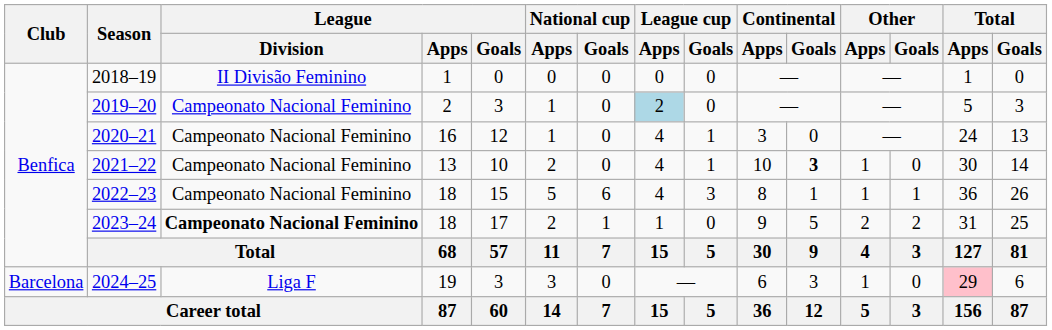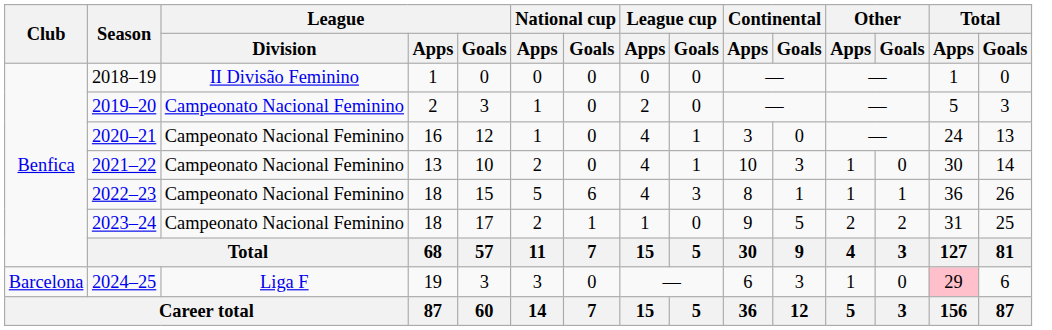 <table class="wikitable" style="text-align:center">
 <tr>
 <th rowspan="2">Club</th>
 <th rowspan="2">Season</th>
 <th colspan="3">League</th>
 <th colspan="2">National cup</th>
 <th colspan="2">League cup</th>
 <th colspan="2">Continental</th>
 <th colspan="2">Other</th>
 <th colspan="2">Total</th>
 </tr>
 <tr>
 <th>Division</th>
 <th>Apps</th>
 <th>Goals</th>
 <th>Apps</th>
 <th>Goals</th>
 <th>Apps</th>
 <th>Goals</th>
 <th>Apps</th>
 <th>Goals</th>
 <th>Apps</th>
 <th>Goals</th>
 <th>Apps</th>
 <th>Goals</th>
 </tr>
 <tr>
 <td rowspan="7"><a href='#'>Benfica</a></td>
 <td>2018–19</td>
 <td><a href='#'>II Divisão Feminino</a></td>
 <td>1</td>
 <td>0</td>
 <td>0</td>
 <td>0</td>
 <td>0</td>
 <td>0</td>
 <td colspan="2">—</td>
 <td colspan="2">—</td>
 <td>1</td>
 <td>0</td>
 </tr>
 <tr>
 <td><a href='#'>2019–20</a></td>
 <td><a href='#'>Campeonato Nacional Feminino</a></td>
 <td>2</td>
 <td>3</td>
 <td>1</td>
 <td>0</td>
-<td style="background: lightblue;">2</td>
+<td>2</td>
 <td>0</td>
 <td colspan="2">—</td>
 <td colspan="2">—</td>
 <td>5</td>
 <td>3</td>
 </tr>
 <tr>
 <td><a href='#'>2020–21</a></td>
 <td>Campeonato Nacional Feminino</td>
 <td>16</td>
 <td>12</td>
 <td>1</td>
 <td>0</td>
 <td>4</td>
 <td>1</td>
 <td>3</td>
 <td>0</td>
 <td colspan="2">—</td>
 <td>24</td>
 <td>13</td>
 </tr>
 <tr>
 <td><a href='#'>2021–22</a></td>
 <td>Campeonato Nacional Feminino</td>
 <td>13</td>
 <td>10</td>
 <td>2</td>
 <td>0</td>
 <td>4</td>
 <td>1</td>
 <td>10</td>
-<td><strong>3</strong></td>
+<td>3</td>
 <td>1</td>
 <td>0</td>
 <td>30</td>
 <td>14</td>
 </tr>
 <tr>
 <td><a href='#'>2022–23</a></td>
 <td>Campeonato Nacional Feminino</td>
 <td>18</td>
 <td>15</td>
 <td>5</td>
 <td>6</td>
 <td>4</td>
 <td>3</td>
 <td>8</td>
 <td>1</td>
 <td>1</td>
 <td>1</td>
 <td>36</td>
 <td>26</td>
 </tr>
 <tr>
 <td><a href='#'>2023–24</a></td>
-<td><strong>Campeonato Nacional Feminino</strong></td>
+<td>Campeonato Nacional Feminino</td>
 <td>18</td>
 <td>17</td>
 <td>2</td>
 <td>1</td>
 <td>1</td>
 <td>0</td>
 <td>9</td>
 <td>5</td>
 <td>2</td>
 <td>2</td>
 <td>31</td>
 <td>25</td>
 </tr>
 <tr>
 <th colspan="2">Total</th>
 <th>68</th>
 <th>57</th>
 <th>11</th>
 <th>7</th>
 <th>15</th>
 <th>5</th>
 <th>30</th>
 <th>9</th>
 <th>4</th>
 <th>3</th>
 <th>127</th>
 <th>81</th>
 </tr>
 <tr>
 <td><a href='#'>Barcelona</a></td>
 <td><a href='#'>2024–25</a></td>
 <td><a href='#'>Liga F</a></td>
 <td>19</td>
 <td>3</td>
 <td>3</td>
 <td>0</td>
 <td colspan="2">—</td>
 <td>6</td>
 <td>3</td>
 <td>1</td>
 <td>0</td>
 <td style="background: pink;">29</td>
 <td>6</td>
 </tr>
 <tr>
 <th colspan="3">Career total</th>
 <th>87</th>
 <th>60</th>
 <th>14</th>
 <th>7</th>
 <th>15</th>
 <th>5</th>
 <th>36</th>
 <th>12</th>
 <th>5</th>
 <th>3</th>
 <th>156</th>
 <th>87</th>
 </tr>
 </table>
